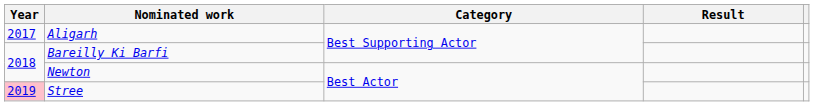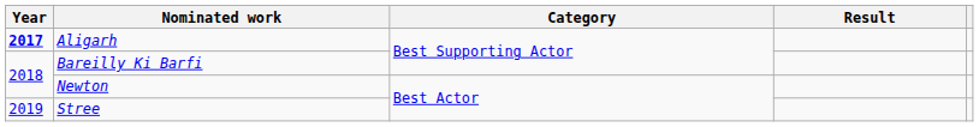 <table class="wikitable plainrowheaders sortable" width="70%">
 <tr>
 <th width="05%">Year</th>
 <th width="35%">Nominated work</th>
 <th width="40%">Category</th>
 <th width="20%">Result</th>
 <th scope="col" class="unsortable"></th>
 </tr>
 <tr>
-<td><a href='#'>2017</a></td>
+<td><strong><a href='#'>2017</a></strong></td>
 <td><em><a href='#'>Aligarh</a></em></td>
 <td rowspan="2"><a href='#'>Best Supporting Actor</a></td>
 <td></td>
 <td></td>
 </tr>
 <tr>
 <td rowspan="2"><a href='#'>2018</a></td>
 <td><em><a href='#'>Bareilly Ki Barfi</a></em></td>
 <td></td>
 <td></td>
 </tr>
 <tr>
 <td><em><a href='#'>Newton</a></em></td>
 <td rowspan="2"><a href='#'>Best Actor</a></td>
 <td></td>
 <td></td>
 </tr>
 <tr>
-<td style="background: pink;"><a href='#'>2019</a></td>
+<td><a href='#'>2019</a></td>
 <td><em><a href='#'>Stree</a></em></td>
 <td></td>
 <td></td>
 </tr>
 </table>
